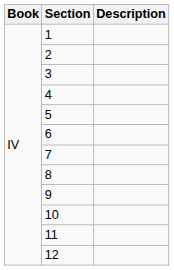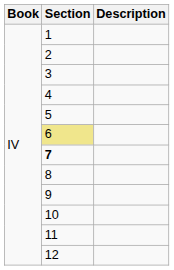 <table class="wikitable" style="max-width:45em;">
 <tr>
 <th>Book</th>
 <th>Section</th>
 <th>Description</th>
 </tr>
 <tr>
 <td rowspan="15">IV</td>
 <td>1</td>
 <td></td>
 </tr>
 <tr>
 <td>2</td>
 <td></td>
 </tr>
 <tr>
 <td>3</td>
 <td></td>
 </tr>
 <tr>
 <td>4</td>
 <td></td>
 </tr>
 <tr>
 <td>5</td>
 <td></td>
 </tr>
 <tr>
-<td>6</td>
+<td style="background: khaki;">6</td>
 <td></td>
 </tr>
 <tr>
-<td>7</td>
+<td><strong>7</strong></td>
 <td></td>
 </tr>
 <tr>
 <td>8</td>
 <td></td>
 </tr>
 <tr>
 <td>9</td>
 <td></td>
 </tr>
 <tr>
 <td>10</td>
 <td></td>
 </tr>
 <tr>
 <td>11</td>
 <td></td>
 </tr>
 <tr>
 <td>12</td>
 <td></td>
 </tr>
 </table>
